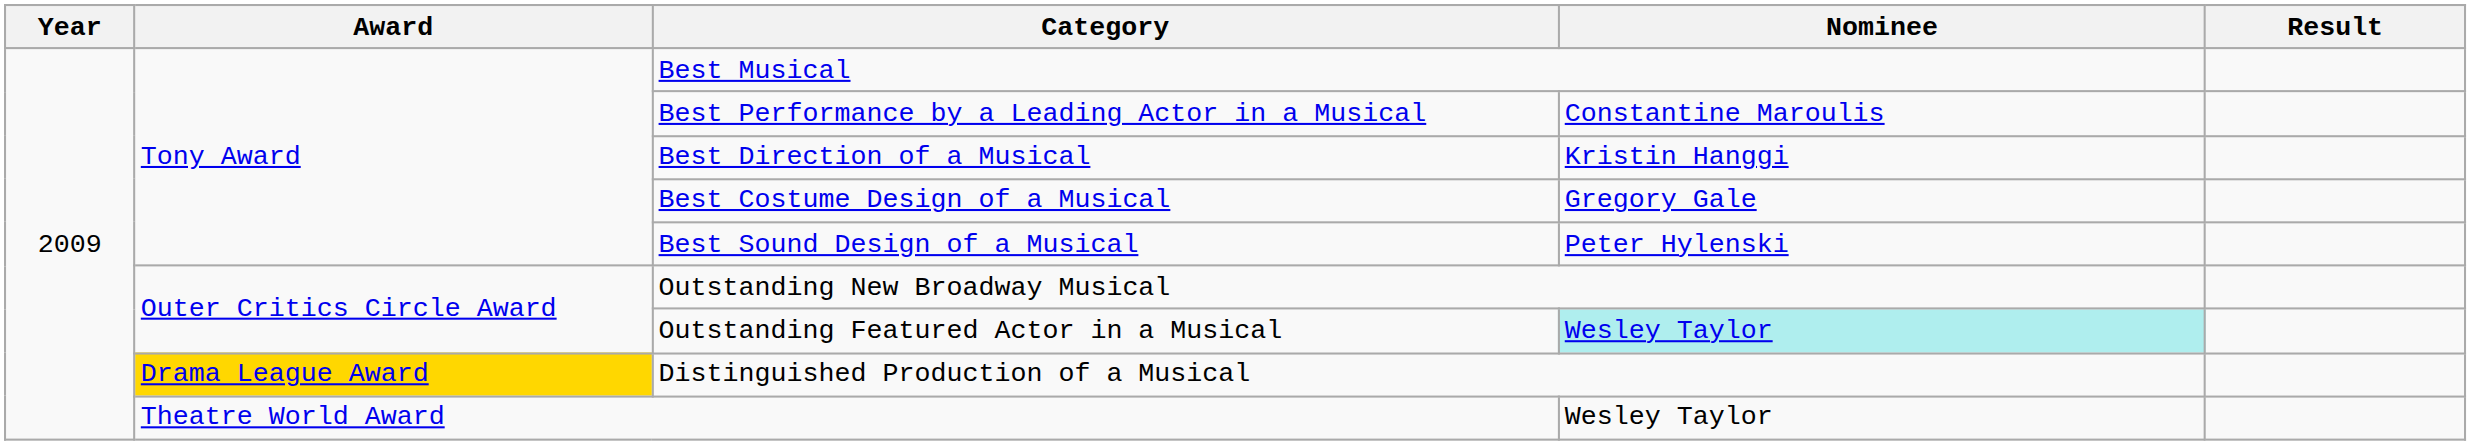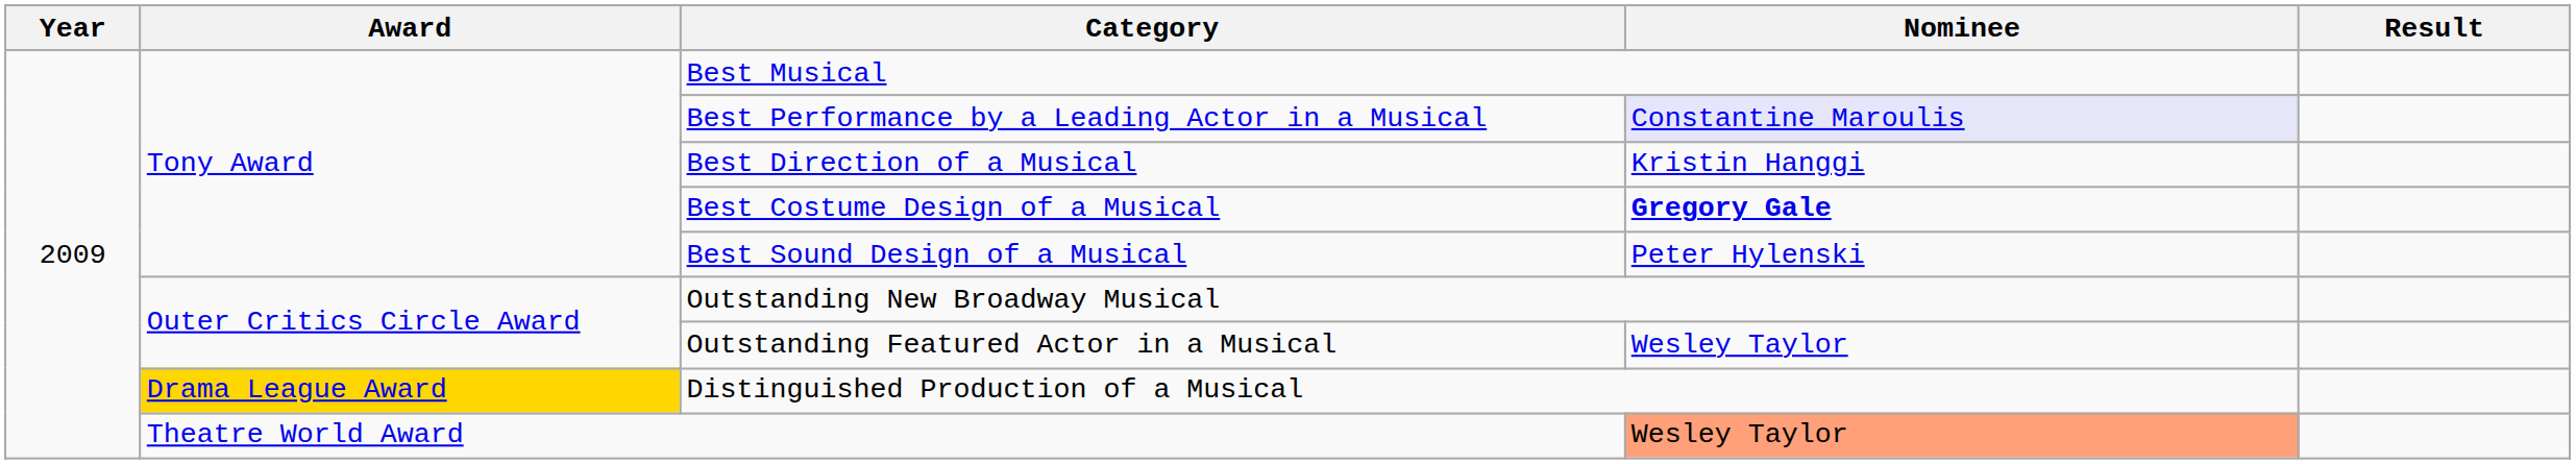 <table class="wikitable" style="width:95%;">
 <tr valign="bottom">
 <th style="width:5%;">Year</th>
 <th style="width:20%;">Award</th>
 <th style="width:35%;">Category</th>
 <th style="width:25%;">Nominee</th>
 <th style="width:10%;">Result</th>
 </tr>
 <tr>
 <td rowspan="9" style="text-align:center;">2009</td>
 <td rowspan="5"><a href='#'>Tony Award</a></td>
 <td colspan="2"><a href='#'>Best Musical</a></td>
 <td></td>
 </tr>
 <tr>
 <td><a href='#'>Best Performance by a Leading Actor in a Musical</a></td>
-<td><a href='#'>Constantine Maroulis</a></td>
+<td style="background: lavender;"><a href='#'>Constantine Maroulis</a></td>
 <td></td>
 </tr>
 <tr>
 <td><a href='#'>Best Direction of a Musical</a></td>
 <td><a href='#'>Kristin Hanggi</a></td>
 <td></td>
 </tr>
 <tr>
 <td><a href='#'>Best Costume Design of a Musical</a></td>
-<td><a href='#'>Gregory Gale</a></td>
+<td><strong><a href='#'>Gregory Gale</a></strong></td>
 <td></td>
 </tr>
 <tr>
 <td><a href='#'>Best Sound Design of a Musical</a></td>
 <td><a href='#'>Peter Hylenski</a></td>
 <td></td>
 </tr>
 <tr>
 <td rowspan="2"><a href='#'>Outer Critics Circle Award</a></td>
 <td colspan="2">Outstanding New Broadway Musical</td>
 <td></td>
 </tr>
 <tr>
 <td>Outstanding Featured Actor in a Musical</td>
-<td style="background: paleturquoise;"><a href='#'>Wesley Taylor</a></td>
+<td><a href='#'>Wesley Taylor</a></td>
 <td></td>
 </tr>
 <tr>
 <td style="background: gold;"><a href='#'>Drama League Award</a></td>
 <td colspan="2">Distinguished Production of a Musical</td>
 <td></td>
 </tr>
 <tr>
 <td colspan="2"><a href='#'>Theatre World Award</a></td>
-<td>Wesley Taylor</td>
+<td style="background: lightsalmon;">Wesley Taylor</td>
 <td></td>
 </tr>
 </table>
